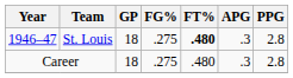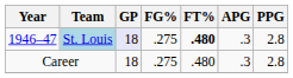 <table class="wikitable sortable" style="font-size:95%; text-align:right;">
 <tr>
 <th>Year</th>
 <th>Team</th>
 <th>GP</th>
 <th>FG%</th>
 <th>FT%</th>
 <th>APG</th>
 <th>PPG</th>
 </tr>
 <tr>
 <td style="text-align:left;"><a href='#'>1946–47</a></td>
-<td style="text-align:left;"><a href='#'>St. Louis</a></td>
-<td>18</td>
+<td style="background: lightblue; text-align:left;"><a href='#'>St. Louis</a></td>
+<td style="background: lavender;">18</td>
 <td>.275</td>
 <td><strong>.480</strong></td>
 <td>.3</td>
 <td>2.8</td>
 </tr>
 <tr>
 <td style="text-align:center;" colspan="2">Career</td>
 <td>18</td>
 <td>.275</td>
 <td>.480</td>
 <td>.3</td>
 <td>2.8</td>
 </tr>
 <tr>
 </tr>
 </table>
